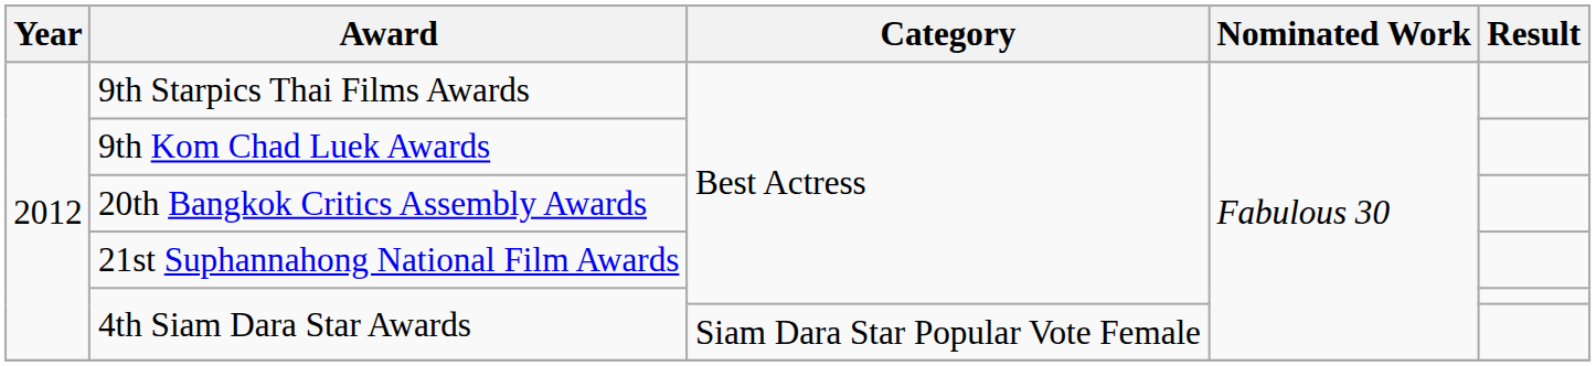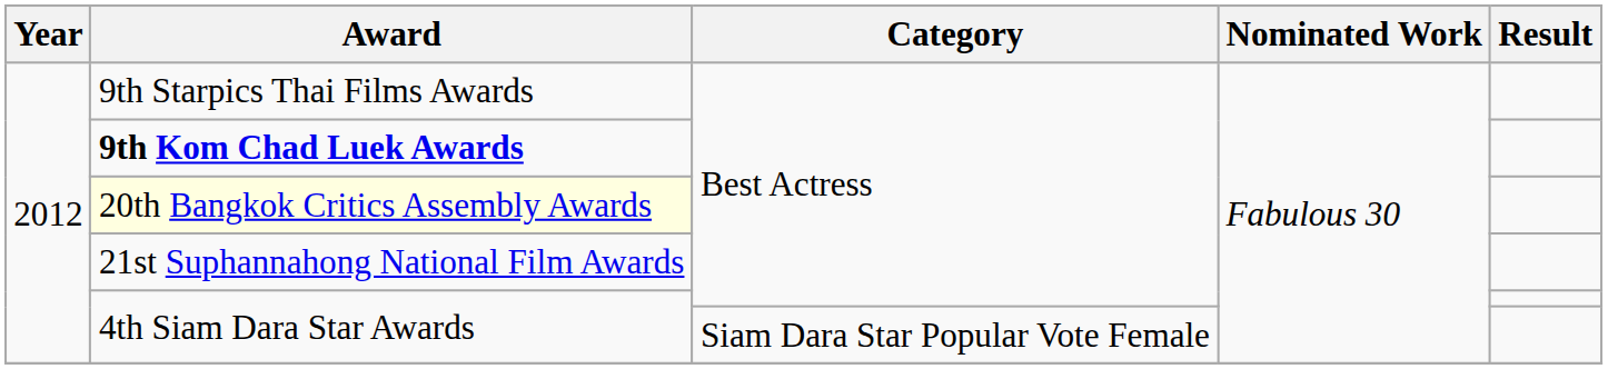 <table class="wikitable" style="font-size: 95%;">
 <tr>
 <th>Year</th>
 <th>Award</th>
 <th>Category</th>
 <th>Nominated Work</th>
 <th>Result</th>
 </tr>
 <tr>
 <td rowspan="6">2012</td>
 <td>9th Starpics Thai Films Awards</td>
 <td rowspan="5">Best Actress</td>
 <td rowspan="6"><em>Fabulous 30</em></td>
 <td></td>
 </tr>
 <tr>
-<td>9th <a href='#'>Kom Chad Luek Awards</a></td>
+<td><strong>9th <a href='#'>Kom Chad Luek Awards</a></strong></td>
 <td></td>
 </tr>
 <tr>
-<td>20th <a href='#'>Bangkok Critics Assembly Awards</a></td>
+<td style="background: lightyellow;">20th <a href='#'>Bangkok Critics Assembly Awards</a></td>
 <td></td>
 </tr>
 <tr>
 <td>21st <a href='#'>Suphannahong National Film Awards</a></td>
 <td></td>
 </tr>
 <tr>
 <td rowspan="2">4th Siam Dara Star Awards</td>
 <td></td>
 </tr>
 <tr>
 <td>Siam Dara Star Popular Vote Female</td>
 <td></td>
 </tr>
 <tr>
 </tr>
 </table>
